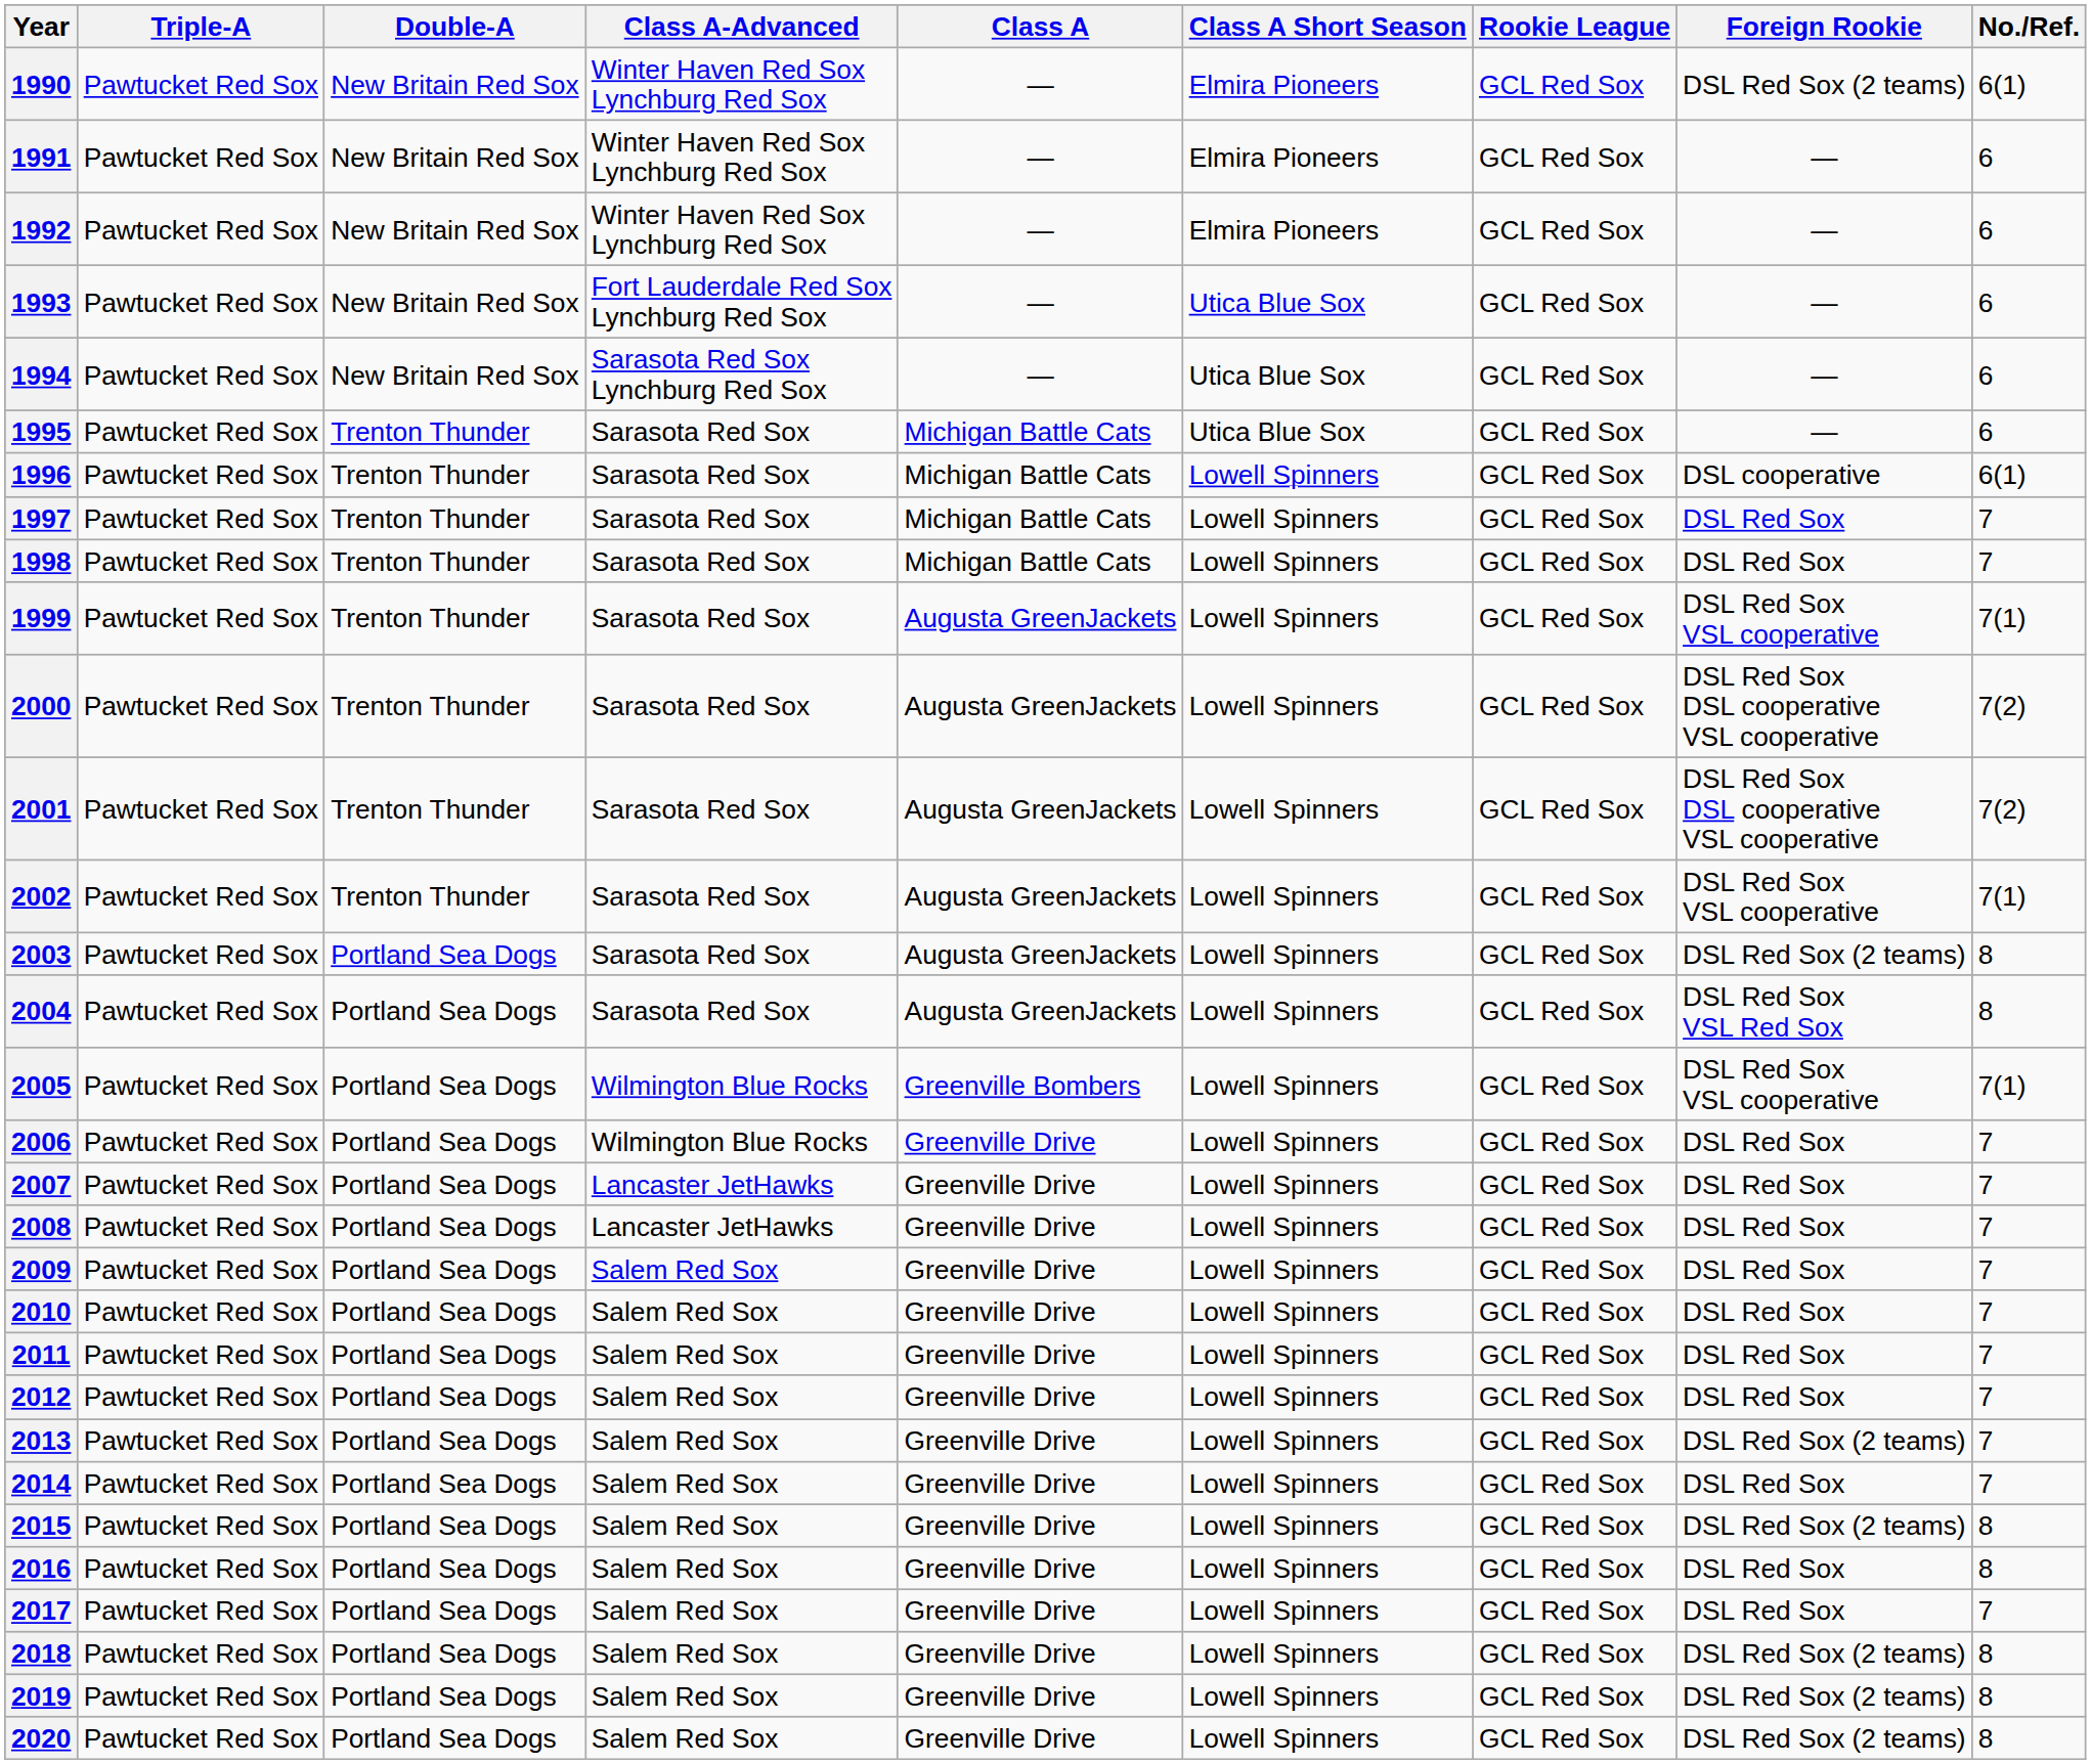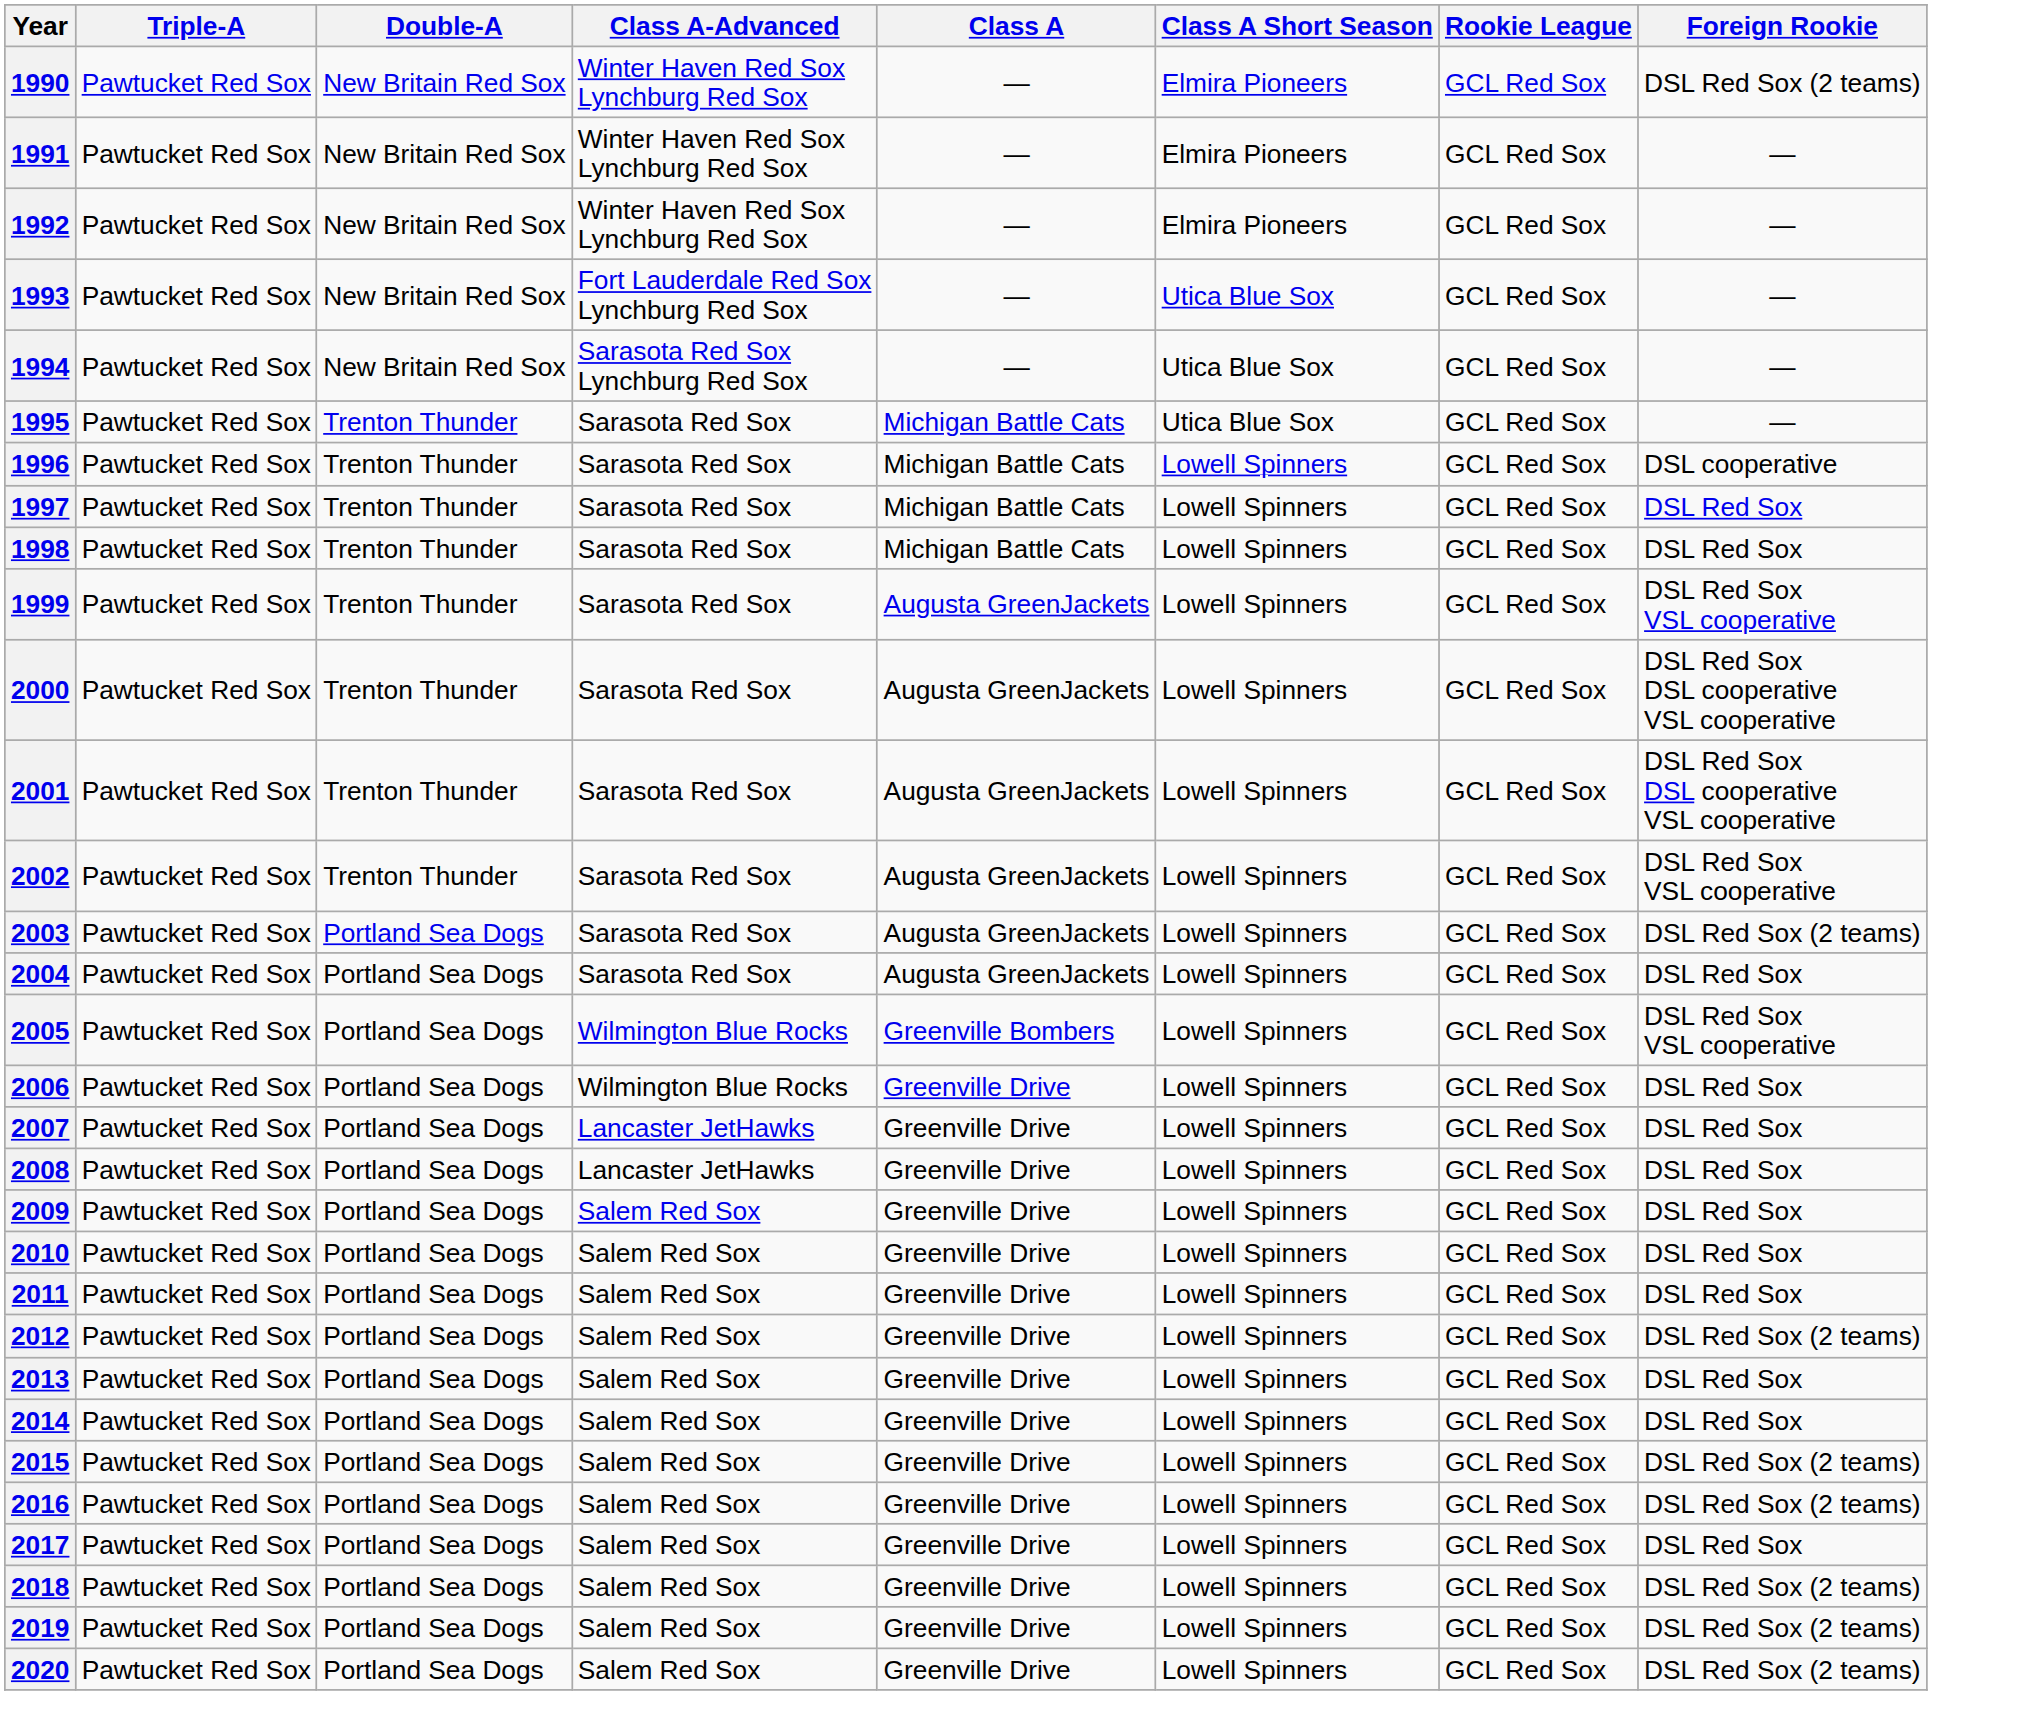 <table class="wikitable" style="text-align:left; font-size: 95%;">
 <tr>
 <th>Year</th>
 <th><a href='#'><span>Triple-A</span></a></th>
 <th><a href='#'><span>Double-A</span></a></th>
 <th><a href='#'><span>Class A-Advanced</span></a></th>
 <th><a href='#'><span>Class A</span></a></th>
 <th><a href='#'><span>Class A Short Season</span></a></th>
 <th><a href='#'><span>Rookie League</span></a></th>
 <th><a href='#'><span>Foreign Rookie</span></a></th>
-<th>No./Ref.</th>
 </tr>
 <tr>
 <th><a href='#'>1990</a></th>
 <td><a href='#'>Pawtucket Red Sox</a></td>
 <td><a href='#'>New Britain Red Sox</a></td>
 <td><a href='#'>Winter Haven Red Sox</a><br><a href='#'>Lynchburg Red Sox</a></td>
 <td align="center">—</td>
 <td><a href='#'>Elmira Pioneers</a></td>
 <td><a href='#'>GCL Red Sox</a></td>
 <td>DSL Red Sox (2 teams)</td>
-<td>6(1)</td>
 </tr>
 <tr>
 <th><a href='#'>1991</a></th>
 <td>Pawtucket Red Sox</td>
 <td>New Britain Red Sox</td>
 <td>Winter Haven Red Sox<br>Lynchburg Red Sox</td>
 <td align="center">—</td>
 <td>Elmira Pioneers</td>
 <td>GCL Red Sox</td>
 <td align="center">—</td>
-<td>6</td>
 </tr>
 <tr>
 <th><a href='#'>1992</a></th>
 <td>Pawtucket Red Sox</td>
 <td>New Britain Red Sox</td>
 <td>Winter Haven Red Sox<br>Lynchburg Red Sox</td>
 <td align="center">—</td>
 <td>Elmira Pioneers</td>
 <td>GCL Red Sox</td>
 <td align="center">—</td>
-<td>6</td>
 </tr>
 <tr>
 <th><a href='#'>1993</a></th>
 <td>Pawtucket Red Sox</td>
 <td>New Britain Red Sox</td>
 <td><a href='#'>Fort Lauderdale Red Sox</a><br>Lynchburg Red Sox</td>
 <td align="center">—</td>
 <td><a href='#'>Utica Blue Sox</a></td>
 <td>GCL Red Sox</td>
 <td align="center">—</td>
-<td>6</td>
 </tr>
 <tr>
 <th><a href='#'>1994</a></th>
 <td>Pawtucket Red Sox</td>
 <td>New Britain Red Sox</td>
 <td><a href='#'>Sarasota Red Sox</a><br>Lynchburg Red Sox</td>
 <td align="center">—</td>
 <td>Utica Blue Sox</td>
 <td>GCL Red Sox</td>
 <td align="center">—</td>
-<td>6</td>
 </tr>
 <tr>
 <th><a href='#'>1995</a></th>
 <td>Pawtucket Red Sox</td>
 <td><a href='#'>Trenton Thunder</a></td>
 <td>Sarasota Red Sox</td>
 <td><a href='#'>Michigan Battle Cats</a></td>
 <td>Utica Blue Sox</td>
 <td>GCL Red Sox</td>
 <td align="center">—</td>
-<td>6</td>
 </tr>
 <tr>
 <th><a href='#'>1996</a></th>
 <td>Pawtucket Red Sox</td>
 <td>Trenton Thunder</td>
 <td>Sarasota Red Sox</td>
 <td>Michigan Battle Cats</td>
 <td><a href='#'>Lowell Spinners</a></td>
 <td>GCL Red Sox</td>
 <td>DSL cooperative</td>
-<td>6(1)</td>
 </tr>
 <tr>
 <th><a href='#'>1997</a></th>
 <td>Pawtucket Red Sox</td>
 <td>Trenton Thunder</td>
 <td>Sarasota Red Sox</td>
 <td>Michigan Battle Cats</td>
 <td>Lowell Spinners</td>
 <td>GCL Red Sox</td>
 <td><a href='#'>DSL Red Sox</a></td>
-<td>7</td>
 </tr>
 <tr>
 <th><a href='#'>1998</a></th>
 <td>Pawtucket Red Sox</td>
 <td>Trenton Thunder</td>
 <td>Sarasota Red Sox</td>
 <td>Michigan Battle Cats</td>
 <td>Lowell Spinners</td>
 <td>GCL Red Sox</td>
 <td>DSL Red Sox</td>
-<td>7</td>
 </tr>
 <tr>
 <th><a href='#'>1999</a></th>
 <td>Pawtucket Red Sox</td>
 <td>Trenton Thunder</td>
 <td>Sarasota Red Sox</td>
 <td><a href='#'>Augusta GreenJackets</a></td>
 <td>Lowell Spinners</td>
 <td>GCL Red Sox</td>
 <td>DSL Red Sox<br><a href='#'>VSL cooperative</a></td>
-<td>7(1)</td>
 </tr>
 <tr>
 <th><a href='#'>2000</a></th>
 <td>Pawtucket Red Sox</td>
 <td>Trenton Thunder</td>
 <td>Sarasota Red Sox</td>
 <td>Augusta GreenJackets</td>
 <td>Lowell Spinners</td>
 <td>GCL Red Sox</td>
 <td>DSL Red Sox<br>DSL cooperative<br>VSL cooperative</td>
-<td>7(2)</td>
 </tr>
 <tr>
 <th><a href='#'>2001</a></th>
 <td>Pawtucket Red Sox</td>
 <td>Trenton Thunder</td>
 <td>Sarasota Red Sox</td>
 <td>Augusta GreenJackets</td>
 <td>Lowell Spinners</td>
 <td>GCL Red Sox</td>
 <td>DSL Red Sox<br><a href='#'>DSL</a> cooperative<br>VSL cooperative</td>
-<td>7(2)</td>
 </tr>
 <tr>
 <th><a href='#'>2002</a></th>
 <td>Pawtucket Red Sox</td>
 <td>Trenton Thunder</td>
 <td>Sarasota Red Sox</td>
 <td>Augusta GreenJackets</td>
 <td>Lowell Spinners</td>
 <td>GCL Red Sox</td>
 <td>DSL Red Sox<br>VSL cooperative</td>
-<td>7(1)</td>
 </tr>
 <tr>
 <th><a href='#'>2003</a></th>
 <td>Pawtucket Red Sox</td>
 <td><a href='#'>Portland Sea Dogs</a></td>
 <td>Sarasota Red Sox</td>
 <td>Augusta GreenJackets</td>
 <td>Lowell Spinners</td>
 <td>GCL Red Sox</td>
 <td>DSL Red Sox (2 teams)</td>
-<td>8</td>
 </tr>
 <tr>
 <th><a href='#'>2004</a></th>
 <td>Pawtucket Red Sox</td>
 <td>Portland Sea Dogs</td>
 <td>Sarasota Red Sox</td>
 <td>Augusta GreenJackets</td>
 <td>Lowell Spinners</td>
 <td>GCL Red Sox</td>
-<td>DSL Red Sox<br><a href='#'>VSL Red Sox</a></td>
-<td>8</td>
+<td>DSL Red Sox</td>
 </tr>
 <tr>
 <th><a href='#'>2005</a></th>
 <td>Pawtucket Red Sox</td>
 <td>Portland Sea Dogs</td>
 <td><a href='#'>Wilmington Blue Rocks</a></td>
 <td><a href='#'>Greenville Bombers</a></td>
 <td>Lowell Spinners</td>
 <td>GCL Red Sox</td>
 <td>DSL Red Sox<br>VSL cooperative</td>
-<td>7(1)</td>
 </tr>
 <tr>
 <th><a href='#'>2006</a></th>
 <td>Pawtucket Red Sox</td>
 <td>Portland Sea Dogs</td>
 <td>Wilmington Blue Rocks</td>
 <td><a href='#'>Greenville Drive</a></td>
 <td>Lowell Spinners</td>
 <td>GCL Red Sox</td>
 <td>DSL Red Sox</td>
-<td>7</td>
 </tr>
 <tr>
 <th><a href='#'>2007</a></th>
 <td>Pawtucket Red Sox</td>
 <td>Portland Sea Dogs</td>
 <td><a href='#'>Lancaster JetHawks</a></td>
 <td>Greenville Drive</td>
 <td>Lowell Spinners</td>
 <td>GCL Red Sox</td>
 <td>DSL Red Sox</td>
-<td>7</td>
 </tr>
 <tr>
 <th><a href='#'>2008</a></th>
 <td>Pawtucket Red Sox</td>
 <td>Portland Sea Dogs</td>
 <td>Lancaster JetHawks</td>
 <td>Greenville Drive</td>
 <td>Lowell Spinners</td>
 <td>GCL Red Sox</td>
 <td>DSL Red Sox</td>
-<td>7</td>
 </tr>
 <tr>
 <th><a href='#'>2009</a></th>
 <td>Pawtucket Red Sox</td>
 <td>Portland Sea Dogs</td>
 <td><a href='#'>Salem Red Sox</a></td>
 <td>Greenville Drive</td>
 <td>Lowell Spinners</td>
 <td>GCL Red Sox</td>
 <td>DSL Red Sox</td>
-<td>7</td>
 </tr>
 <tr>
 <th><a href='#'>2010</a></th>
 <td>Pawtucket Red Sox</td>
 <td>Portland Sea Dogs</td>
 <td>Salem Red Sox</td>
 <td>Greenville Drive</td>
 <td>Lowell Spinners</td>
 <td>GCL Red Sox</td>
 <td>DSL Red Sox</td>
-<td>7</td>
 </tr>
 <tr>
 <th><a href='#'>2011</a></th>
 <td>Pawtucket Red Sox</td>
 <td>Portland Sea Dogs</td>
 <td>Salem Red Sox</td>
 <td>Greenville Drive</td>
 <td>Lowell Spinners</td>
 <td>GCL Red Sox</td>
 <td>DSL Red Sox</td>
-<td>7</td>
 </tr>
 <tr>
 <th><a href='#'>2012</a></th>
 <td>Pawtucket Red Sox</td>
 <td>Portland Sea Dogs</td>
 <td>Salem Red Sox</td>
 <td>Greenville Drive</td>
 <td>Lowell Spinners</td>
 <td>GCL Red Sox</td>
-<td>DSL Red Sox</td>
-<td>7</td>
+<td>DSL Red Sox (2 teams)</td>
 </tr>
 <tr>
 <th><a href='#'>2013</a></th>
 <td>Pawtucket Red Sox</td>
 <td>Portland Sea Dogs</td>
 <td>Salem Red Sox</td>
 <td>Greenville Drive</td>
 <td>Lowell Spinners</td>
 <td>GCL Red Sox</td>
-<td>DSL Red Sox (2 teams)</td>
-<td>7</td>
+<td>DSL Red Sox</td>
 </tr>
 <tr>
 <th><a href='#'>2014</a></th>
 <td>Pawtucket Red Sox</td>
 <td>Portland Sea Dogs</td>
 <td>Salem Red Sox</td>
 <td>Greenville Drive</td>
 <td>Lowell Spinners</td>
 <td>GCL Red Sox</td>
 <td>DSL Red Sox</td>
-<td>7</td>
 </tr>
 <tr>
 <th><a href='#'>2015</a></th>
 <td>Pawtucket Red Sox</td>
 <td>Portland Sea Dogs</td>
 <td>Salem Red Sox</td>
 <td>Greenville Drive</td>
 <td>Lowell Spinners</td>
 <td>GCL Red Sox</td>
 <td>DSL Red Sox (2 teams)</td>
-<td>8</td>
 </tr>
 <tr>
 <th><a href='#'>2016</a></th>
 <td>Pawtucket Red Sox</td>
 <td>Portland Sea Dogs</td>
 <td>Salem Red Sox</td>
 <td>Greenville Drive</td>
 <td>Lowell Spinners</td>
 <td>GCL Red Sox</td>
-<td>DSL Red Sox</td>
-<td>8</td>
+<td>DSL Red Sox (2 teams)</td>
 </tr>
 <tr>
 <th><a href='#'>2017</a></th>
 <td>Pawtucket Red Sox</td>
 <td>Portland Sea Dogs</td>
 <td>Salem Red Sox</td>
 <td>Greenville Drive</td>
 <td>Lowell Spinners</td>
 <td>GCL Red Sox</td>
 <td>DSL Red Sox</td>
-<td>7</td>
 </tr>
 <tr>
 <th><a href='#'>2018</a></th>
 <td>Pawtucket Red Sox</td>
 <td>Portland Sea Dogs</td>
 <td>Salem Red Sox</td>
 <td>Greenville Drive</td>
 <td>Lowell Spinners</td>
 <td>GCL Red Sox</td>
 <td>DSL Red Sox (2 teams)</td>
-<td>8</td>
 </tr>
 <tr>
 <th><a href='#'>2019</a></th>
 <td>Pawtucket Red Sox</td>
 <td>Portland Sea Dogs</td>
 <td>Salem Red Sox</td>
 <td>Greenville Drive</td>
 <td>Lowell Spinners</td>
 <td>GCL Red Sox</td>
 <td>DSL Red Sox (2 teams)</td>
-<td>8</td>
 </tr>
 <tr>
 <th><a href='#'>2020</a></th>
 <td>Pawtucket Red Sox</td>
 <td>Portland Sea Dogs</td>
 <td>Salem Red Sox</td>
 <td>Greenville Drive</td>
 <td>Lowell Spinners</td>
 <td>GCL Red Sox</td>
 <td>DSL Red Sox (2 teams)</td>
-<td>8</td>
 </tr>
 </table>
